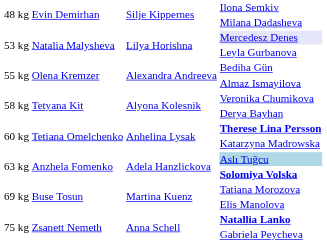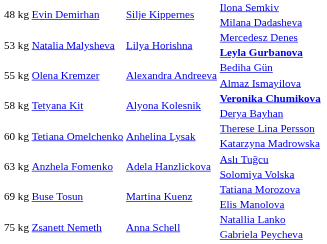 <table>
 <tr>
 <td rowspan=2>48 kg</td>
 <td rowspan=2> <a href='#'>Evin Demirhan</a></td>
 <td rowspan=2> <a href='#'>Silje Kippernes</a></td>
 <td> <a href='#'>Ilona Semkiv</a></td>
 </tr>
 <tr>
 <td> <a href='#'>Milana Dadasheva</a></td>
 </tr>
 <tr>
 <td rowspan=2>53 kg</td>
 <td rowspan=2> <a href='#'>Natalia Malysheva</a></td>
 <td rowspan=2> <a href='#'>Lilya Horishna</a></td>
-<td style="background: lavender;"> <a href='#'>Mercedesz Denes</a></td>
+<td> <a href='#'>Mercedesz Denes</a></td>
 </tr>
 <tr>
-<td> <a href='#'>Leyla Gurbanova</a></td>
+<td><strong> <a href='#'>Leyla Gurbanova</a></strong></td>
 </tr>
 <tr>
 <td rowspan=2>55 kg</td>
 <td rowspan=2> <a href='#'>Olena Kremzer</a></td>
 <td rowspan=2> <a href='#'>Alexandra Andreeva</a></td>
 <td> <a href='#'>Bediha Gün</a></td>
 </tr>
 <tr>
 <td> <a href='#'>Almaz Ismayilova</a></td>
 </tr>
 <tr>
 <td rowspan=2>58 kg</td>
 <td rowspan=2> <a href='#'>Tetyana Kit</a></td>
 <td rowspan=2> <a href='#'>Alyona Kolesnik</a></td>
-<td> <a href='#'>Veronika Chumikova</a></td>
+<td><strong> <a href='#'>Veronika Chumikova</a></strong></td>
 </tr>
 <tr>
 <td> <a href='#'>Derya Bayhan</a></td>
 </tr>
 <tr>
 <td rowspan=2>60 kg</td>
 <td rowspan=2> <a href='#'>Tetiana Omelchenko</a></td>
 <td rowspan=2> <a href='#'>Anhelina Lysak</a></td>
-<td><strong> <a href='#'>Therese Lina Persson</a></strong></td>
+<td> <a href='#'>Therese Lina Persson</a></td>
 </tr>
 <tr>
 <td> <a href='#'>Katarzyna Madrowska</a></td>
 </tr>
 <tr>
 <td rowspan=2>63 kg</td>
 <td rowspan=2> <a href='#'>Anzhela Fomenko</a></td>
 <td rowspan=2> <a href='#'>Adela Hanzlickova</a></td>
-<td style="background: lightblue;"> <a href='#'>Aslı Tuğcu</a></td>
+<td> <a href='#'>Aslı Tuğcu</a></td>
 </tr>
 <tr>
-<td><strong> <a href='#'>Solomiya Volska</a></strong></td>
+<td> <a href='#'>Solomiya Volska</a></td>
 </tr>
 <tr>
 <td rowspan=2>69 kg</td>
 <td rowspan=2> <a href='#'>Buse Tosun</a></td>
 <td rowspan=2> <a href='#'>Martina Kuenz</a></td>
 <td> <a href='#'>Tatiana Morozova</a></td>
 </tr>
 <tr>
 <td> <a href='#'>Elis Manolova</a></td>
 </tr>
 <tr>
 <td rowspan=2>75 kg</td>
 <td rowspan=2> <a href='#'>Zsanett Nemeth</a></td>
 <td rowspan=2> <a href='#'>Anna Schell</a></td>
-<td><strong> <a href='#'>Natallia Lanko</a></strong></td>
+<td> <a href='#'>Natallia Lanko</a></td>
 </tr>
 <tr>
 <td> <a href='#'>Gabriela Peycheva</a></td>
 </tr>
 </table>
